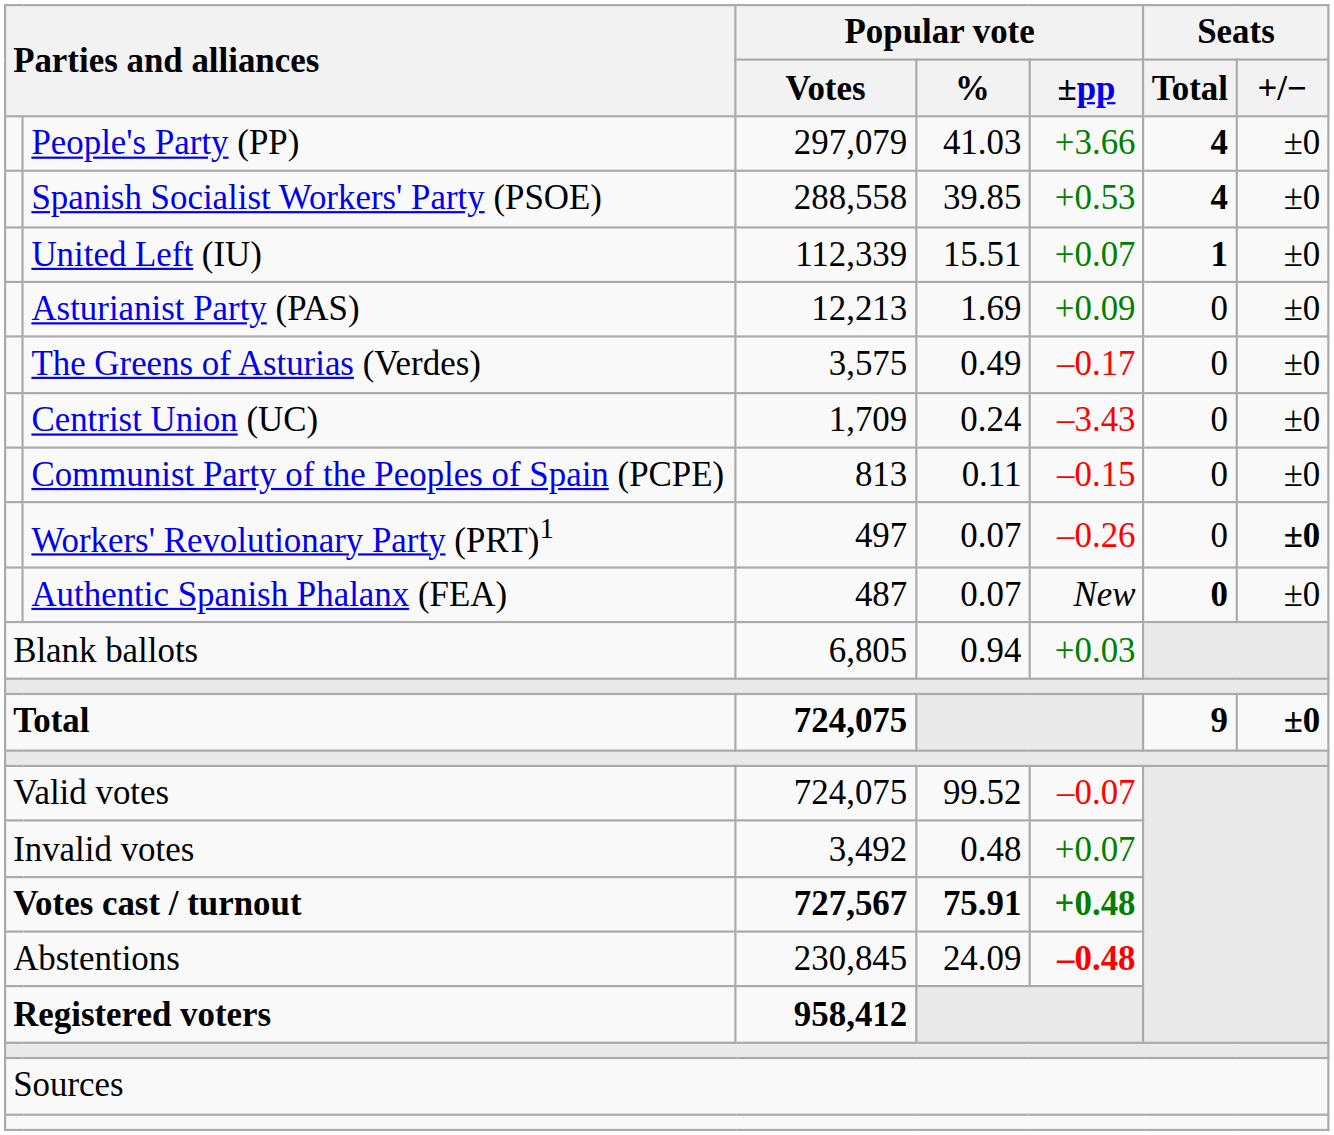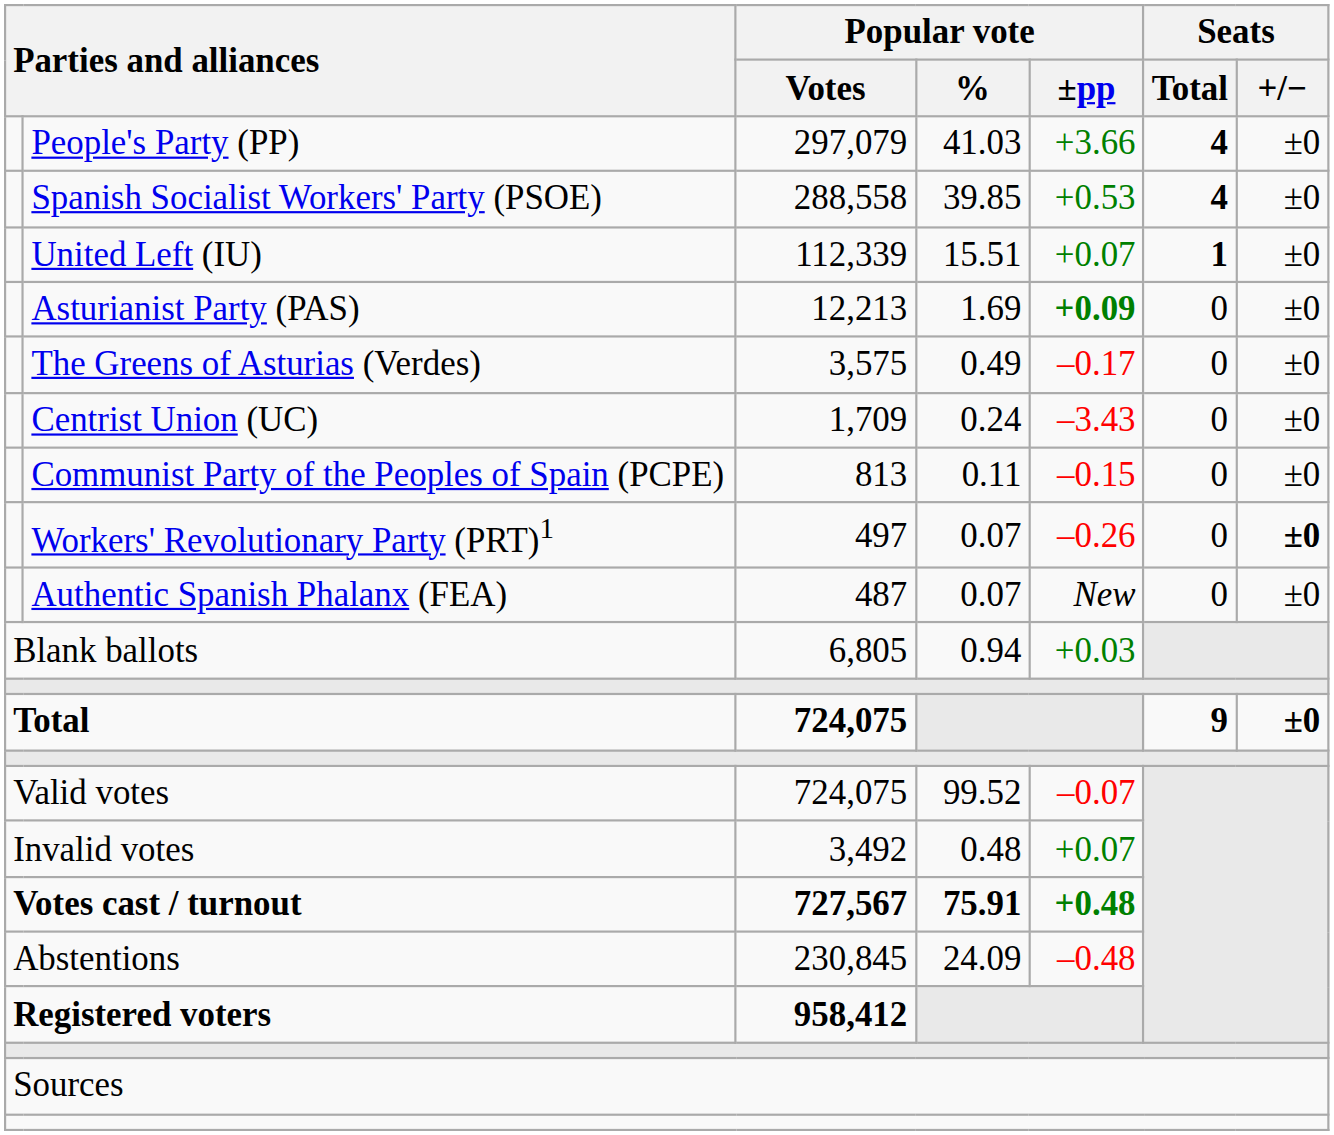 <table class="wikitable" style="text-align:right;">
 <tr>
 <th style="text-align:left;" rowspan="2" colspan="2" width="525">Parties and alliances</th>
 <th colspan="3">Popular vote</th>
 <th colspan="2">Seats</th>
 </tr>
 <tr>
 <th width="75">Votes</th>
 <th width="45">%</th>
 <th width="45">±<a href='#'>pp</a></th>
 <th width="35">Total</th>
 <th width="35">+/−</th>
 </tr>
 <tr>
 <td width="1" style="color:inherit;background:"></td>
 <td align="left"><a href='#'>People's Party</a> (PP)</td>
 <td>297,079</td>
 <td>41.03</td>
 <td style="color:green;">+3.66</td>
 <td><strong>4</strong></td>
 <td>±0</td>
 </tr>
 <tr>
 <td style="color:inherit;background:"></td>
 <td align="left"><a href='#'>Spanish Socialist Workers' Party</a> (PSOE)</td>
 <td>288,558</td>
 <td>39.85</td>
 <td style="color:green;">+0.53</td>
 <td><strong>4</strong></td>
 <td>±0</td>
 </tr>
 <tr>
 <td style="color:inherit;background:"></td>
 <td align="left"><a href='#'>United Left</a> (IU)</td>
 <td>112,339</td>
 <td>15.51</td>
 <td style="color:green;">+0.07</td>
 <td><strong>1</strong></td>
 <td>±0</td>
 </tr>
 <tr>
 <td style="color:inherit;background:"></td>
 <td align="left"><a href='#'>Asturianist Party</a> (PAS)</td>
 <td>12,213</td>
 <td>1.69</td>
-<td style="color:green;">+0.09</td>
+<td style="color:green;"><strong>+0.09</strong></td>
 <td>0</td>
 <td>±0</td>
 </tr>
 <tr>
 <td style="color:inherit;background:"></td>
 <td align="left"><a href='#'>The Greens of Asturias</a> (Verdes)</td>
 <td>3,575</td>
 <td>0.49</td>
 <td style="color:red;">–0.17</td>
 <td>0</td>
 <td>±0</td>
 </tr>
 <tr>
 <td style="color:inherit;background:"></td>
 <td align="left"><a href='#'>Centrist Union</a> (UC)</td>
 <td>1,709</td>
 <td>0.24</td>
 <td style="color:red;">–3.43</td>
 <td>0</td>
 <td>±0</td>
 </tr>
 <tr>
 <td style="color:inherit;background:"></td>
 <td align="left"><a href='#'>Communist Party of the Peoples of Spain</a> (PCPE)</td>
 <td>813</td>
 <td>0.11</td>
 <td style="color:red;">–0.15</td>
 <td>0</td>
 <td>±0</td>
 </tr>
 <tr>
 <td style="color:inherit;background:"></td>
 <td align="left"><a href='#'>Workers' Revolutionary Party</a> (PRT)<sup>1</sup></td>
 <td>497</td>
 <td>0.07</td>
 <td style="color:red;">–0.26</td>
 <td>0</td>
 <td><strong>±0</strong></td>
 </tr>
 <tr>
 <td style="color:inherit;background:"></td>
 <td align="left"><a href='#'>Authentic Spanish Phalanx</a> (FEA)</td>
 <td>487</td>
 <td>0.07</td>
 <td><em>New</em></td>
-<td><strong>0</strong></td>
+<td>0</td>
 <td>±0</td>
 </tr>
 <tr>
 <td align="left" colspan="2">Blank ballots</td>
 <td>6,805</td>
 <td>0.94</td>
 <td style="color:green;">+0.03</td>
 <td bgcolor="#E9E9E9" colspan="2"></td>
 </tr>
 <tr>
 <td colspan="7" bgcolor="#E9E9E9"></td>
 </tr>
 <tr style="font-weight:bold;">
 <td align="left" colspan="2">Total</td>
 <td>724,075</td>
 <td bgcolor="#E9E9E9" colspan="2"></td>
 <td>9</td>
 <td>±0</td>
 </tr>
 <tr>
 <td colspan="7" bgcolor="#E9E9E9"></td>
 </tr>
 <tr>
 <td align="left" colspan="2">Valid votes</td>
 <td>724,075</td>
 <td>99.52</td>
 <td style="color:red;">–0.07</td>
 <td bgcolor="#E9E9E9" colspan="2" rowspan="5"></td>
 </tr>
 <tr>
 <td align="left" colspan="2">Invalid votes</td>
 <td>3,492</td>
 <td>0.48</td>
 <td style="color:green;">+0.07</td>
 </tr>
 <tr style="font-weight:bold;">
 <td align="left" colspan="2">Votes cast / turnout</td>
 <td>727,567</td>
 <td>75.91</td>
 <td style="color:green;">+0.48</td>
 </tr>
 <tr>
 <td align="left" colspan="2">Abstentions</td>
 <td>230,845</td>
 <td>24.09</td>
-<td style="color:red;"><strong>–0.48</strong></td>
+<td style="color:red;">–0.48</td>
 </tr>
 <tr style="font-weight:bold;">
 <td align="left" colspan="2">Registered voters</td>
 <td>958,412</td>
 <td bgcolor="#E9E9E9" colspan="2"></td>
 </tr>
 <tr>
 <td colspan="7" bgcolor="#E9E9E9"></td>
 </tr>
 <tr>
 <td align="left" colspan="7">Sources</td>
 </tr>
 <tr>
 <td colspan="7" style="text-align:left; max-width:790px;"></td>
 </tr>
 </table>
